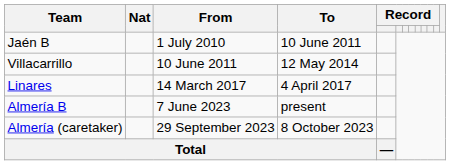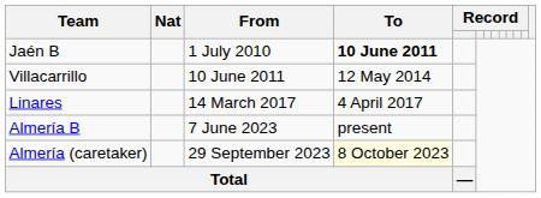 <table class="wikitable" style="text-align: center">
 <tr>
 <th rowspan="2">Team</th>
 <th rowspan="2">Nat</th>
 <th rowspan="2">From</th>
 <th rowspan="2">To</th>
 <th colspan="8">Record</th>
 <th rowspan="2"></th>
 </tr>
 <tr>
 <th></th>
 <th></th>
 <th></th>
 <th></th>
 <th></th>
 <th></th>
 <th></th>
 <th></th>
 </tr>
 <tr>
 <td align=left>Jaén B</td>
 <td></td>
 <td align=left>1 July 2010</td>
-<td align=left>10 June 2011<br></td>
+<td align=left><strong>10 June 2011<br></strong></td>
 <td></td>
 </tr>
 <tr>
 <td align=left>Villacarrillo</td>
 <td></td>
 <td align=left>10 June 2011</td>
 <td align=left>12 May 2014<br></td>
 <td></td>
 </tr>
 <tr>
 <td align=left><a href='#'>Linares</a></td>
 <td></td>
 <td align=left>14 March 2017</td>
 <td align=left>4 April 2017<br></td>
 <td></td>
 </tr>
 <tr>
 <td align=left><a href='#'>Almería B</a></td>
 <td></td>
 <td align=left>7 June 2023</td>
 <td align=left>present<br></td>
 <td></td>
 </tr>
 <tr>
 <td align=left><a href='#'>Almería</a> (caretaker)</td>
 <td></td>
 <td align=left>29 September 2023</td>
-<td align=left>8 October 2023<br></td>
+<td align=left style="background: lightyellow;">8 October 2023<br></td>
 <td></td>
 </tr>
 <tr>
 <th colspan="4">Total<br></th>
 <th>—</th>
 </tr>
 </table>
